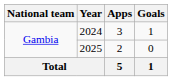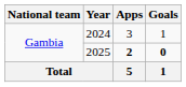 <table class=wikitable style=text-align:center>
 <tr>
 <th>National team</th>
 <th>Year</th>
 <th>Apps</th>
 <th>Goals</th>
 </tr>
 <tr>
 <td rowspan="2"><a href='#'>Gambia</a></td>
 <td>2024</td>
 <td>3</td>
 <td>1</td>
 </tr>
 <tr>
 <td>2025</td>
-<td>2</td>
-<td>0</td>
+<td><strong>2</strong></td>
+<td><strong>0</strong></td>
 </tr>
 <tr>
 <th colspan="2">Total</th>
 <th>5</th>
 <th>1</th>
 </tr>
 </table>
